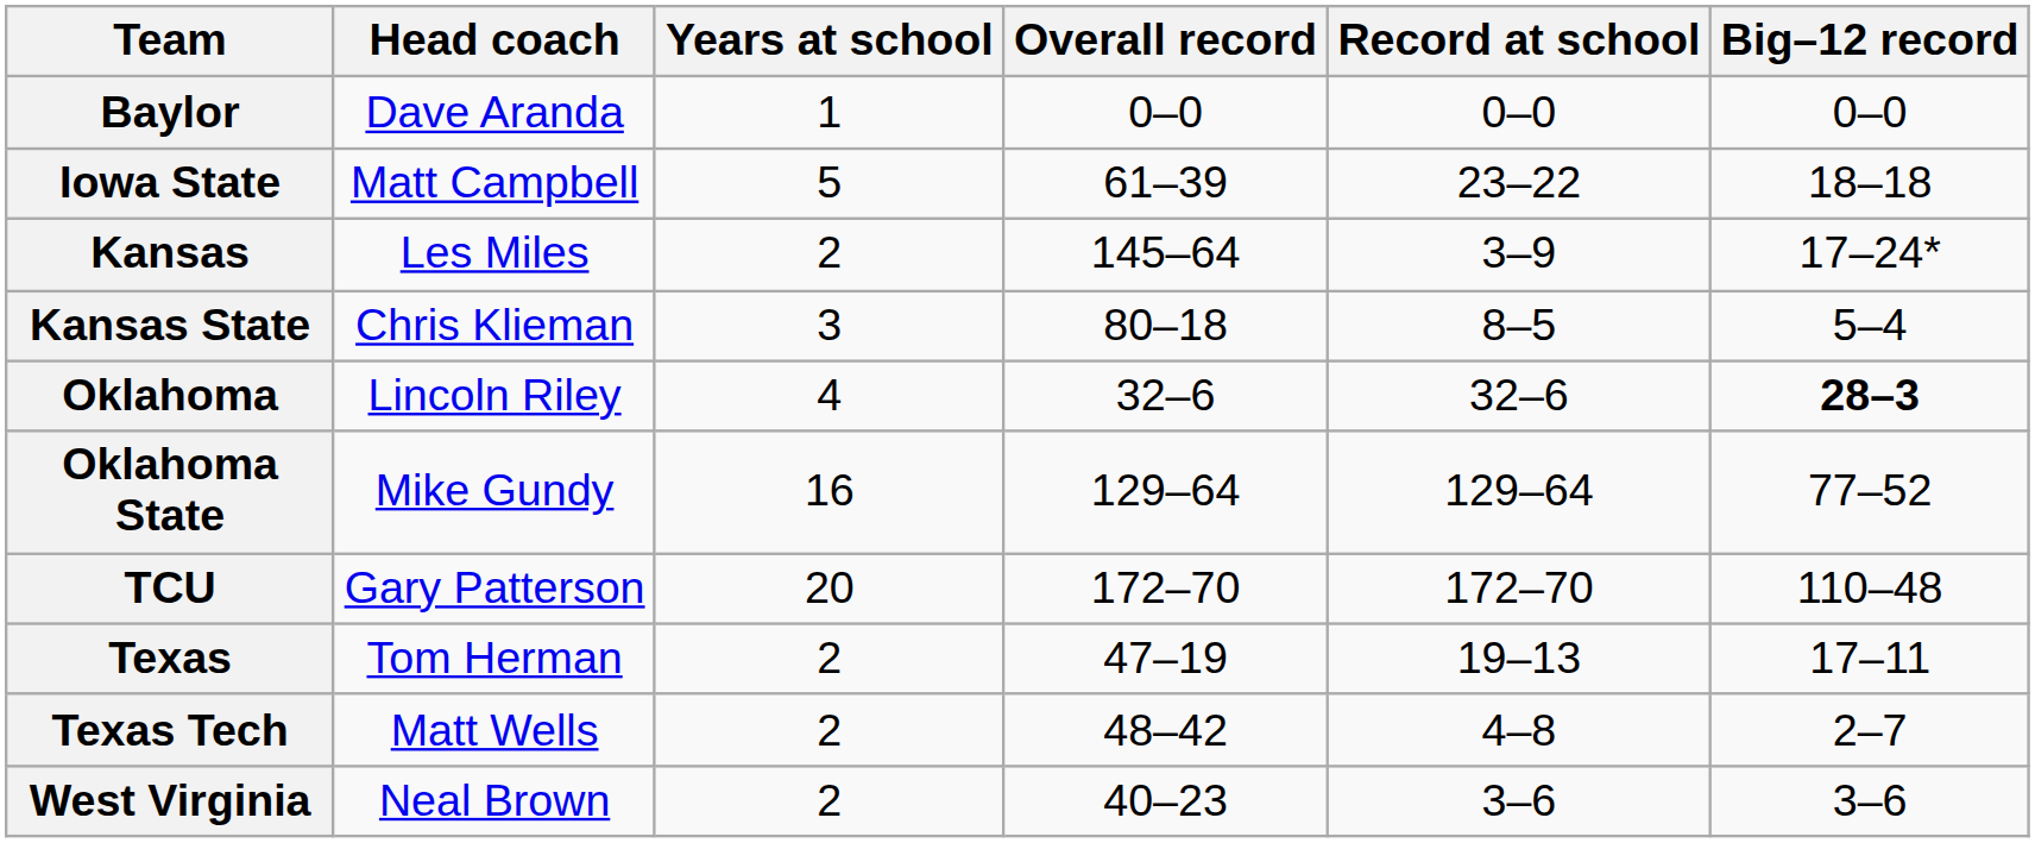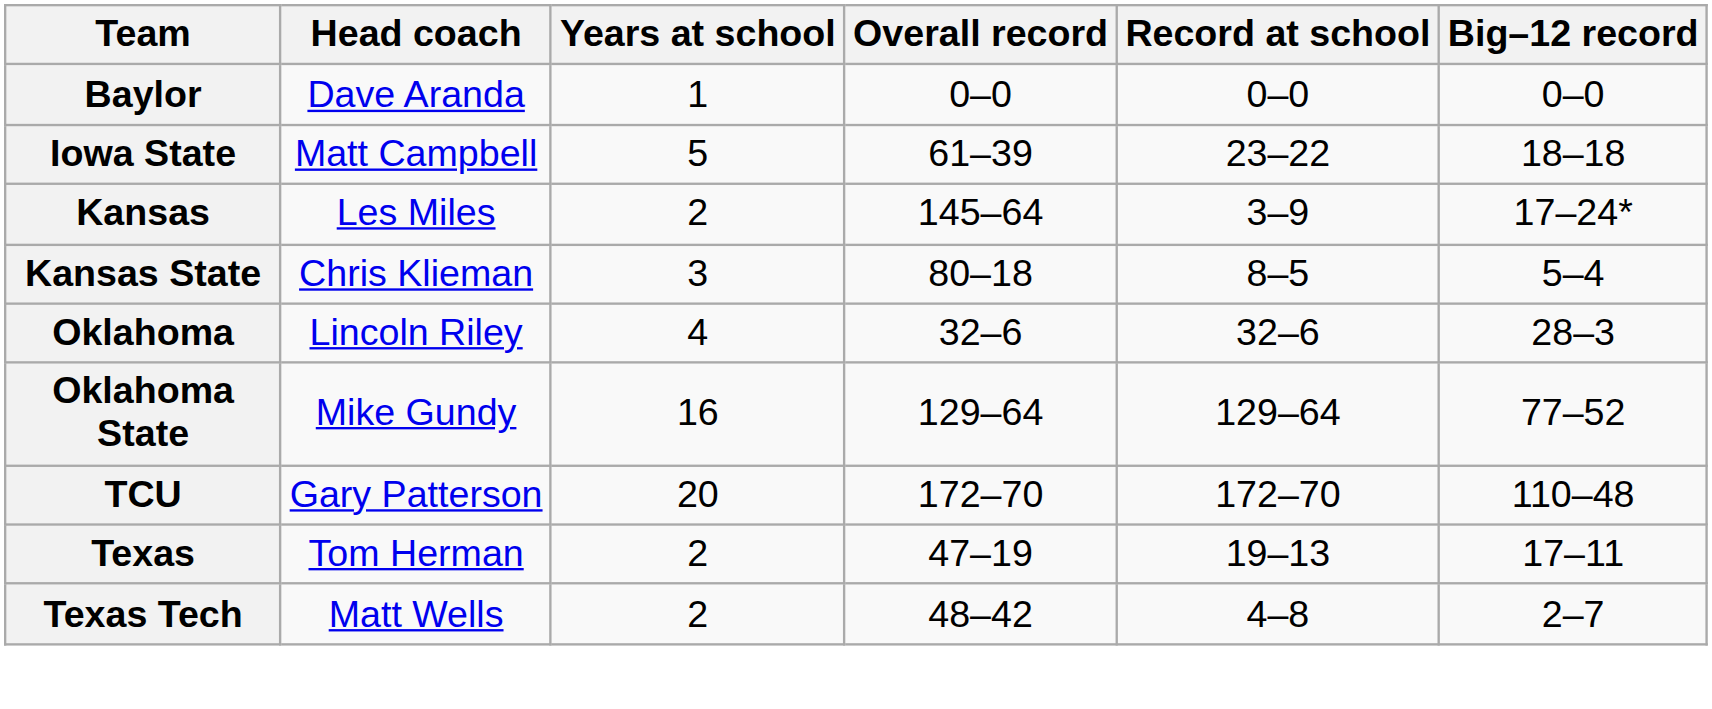 <table class="wikitable sortable" style="text-align: center">
 <tr>
 <th style="width:110px;">Team</th>
 <th>Head coach</th>
 <th>Years at school</th>
 <th>Overall record</th>
 <th>Record at school</th>
 <th>Big–12 record</th>
 </tr>
 <tr>
 <th>Baylor</th>
 <td><a href='#'>Dave Aranda</a></td>
 <td>1</td>
 <td>0–0</td>
 <td>0–0</td>
 <td>0–0</td>
 </tr>
 <tr>
 <th>Iowa State</th>
 <td><a href='#'>Matt Campbell</a></td>
 <td>5</td>
 <td>61–39</td>
 <td>23–22</td>
 <td>18–18</td>
 </tr>
 <tr>
 <th>Kansas</th>
 <td><a href='#'>Les Miles</a></td>
 <td>2</td>
 <td>145–64</td>
 <td>3–9</td>
 <td>17–24*</td>
 </tr>
 <tr>
 <th>Kansas State</th>
 <td><a href='#'>Chris Klieman</a></td>
 <td>3</td>
 <td>80–18</td>
 <td>8–5</td>
 <td>5–4</td>
 </tr>
 <tr>
 <th>Oklahoma</th>
 <td><a href='#'>Lincoln Riley</a></td>
 <td>4</td>
 <td>32–6</td>
 <td>32–6</td>
-<td><strong>28–3</strong></td>
+<td>28–3</td>
 </tr>
 <tr>
 <th>Oklahoma State</th>
 <td><a href='#'>Mike Gundy</a></td>
 <td>16</td>
 <td>129–64</td>
 <td>129–64</td>
 <td>77–52</td>
 </tr>
 <tr>
 <th>TCU</th>
 <td><a href='#'>Gary Patterson</a></td>
 <td>20</td>
 <td>172–70</td>
 <td>172–70</td>
 <td>110–48</td>
 </tr>
 <tr>
 <th>Texas</th>
 <td><a href='#'>Tom Herman</a></td>
 <td>2</td>
 <td>47–19</td>
 <td>19–13</td>
 <td>17–11</td>
 </tr>
 <tr>
 <th>Texas Tech</th>
 <td><a href='#'>Matt Wells</a></td>
 <td>2</td>
 <td>48–42</td>
 <td>4–8</td>
 <td>2–7</td>
 </tr>
-<tr>
-<th>West Virginia</th>
-<td><a href='#'>Neal Brown</a></td>
-<td>2</td>
-<td>40–23</td>
-<td>3–6</td>
-<td>3–6</td>
-</tr>
 </table>
